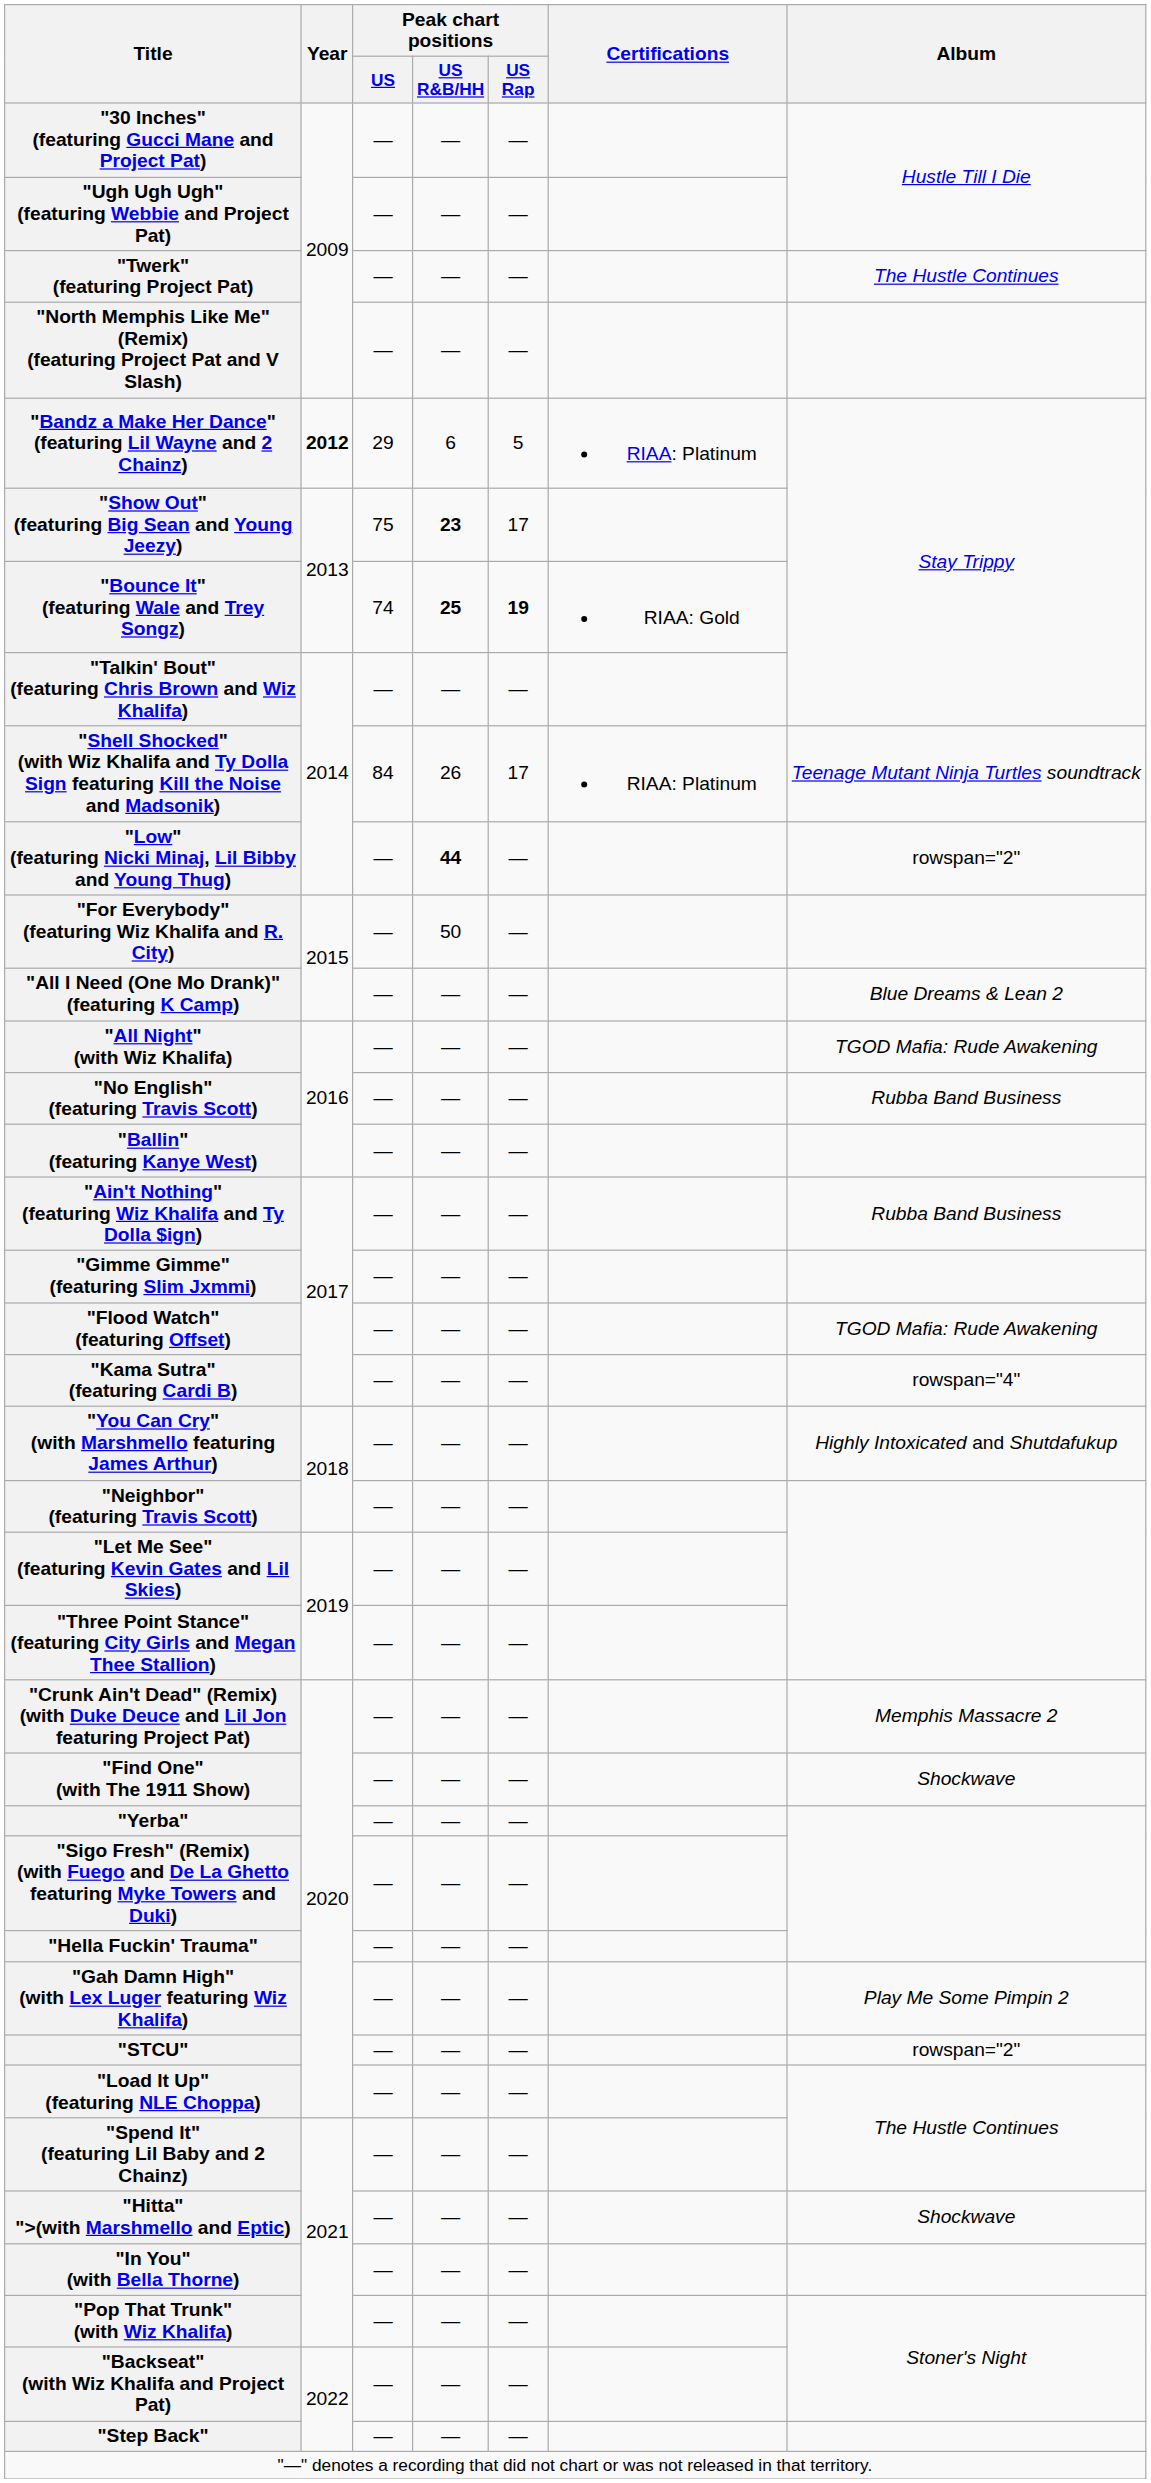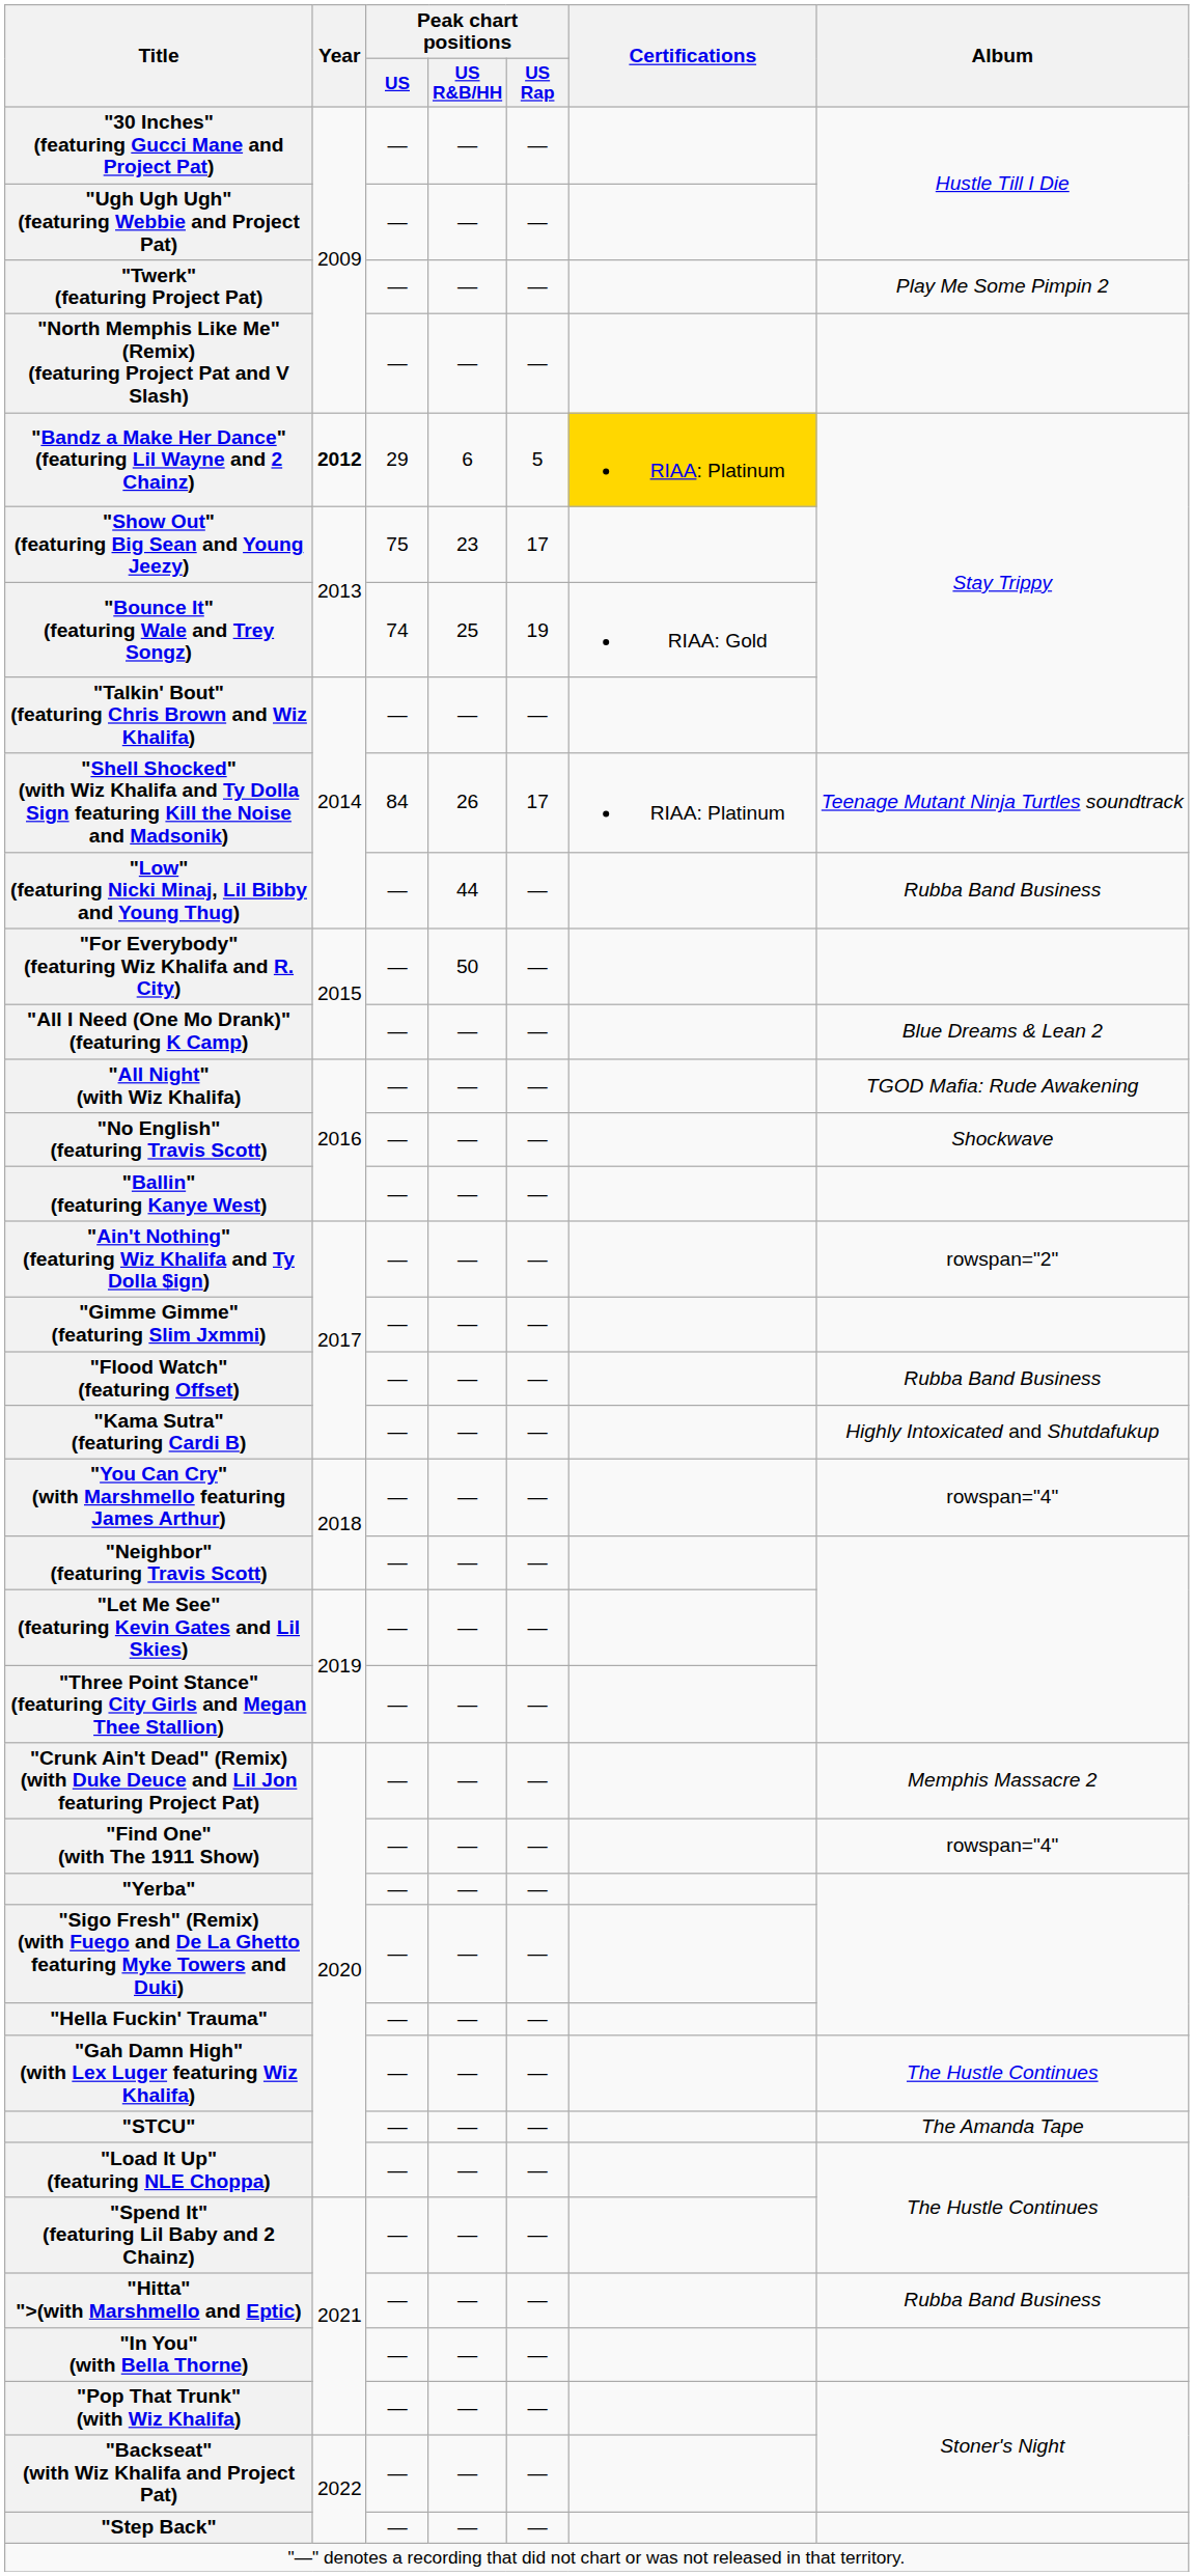 <table class="wikitable plainrowheaders" style="text-align:center;">
 <tr>
 <th scope="col" rowspan="2" style="width:15em;">Title</th>
 <th scope="col" rowspan="2">Year</th>
 <th scope="col" colspan="3">Peak chart positions</th>
 <th scope="col" rowspan="2" style="width:12em;"><a href='#'>Certifications</a></th>
 <th scope="col" rowspan="2">Album</th>
 </tr>
 <tr>
 <th scope="col" style="width:3em;font-size:90%;"><a href='#'>US</a><br></th>
 <th scope="col" style="width:3em;font-size:90%;"><a href='#'>US R&B/HH</a><br></th>
 <th scope="col" style="width:3em;font-size:90%;"><a href='#'>US Rap</a><br></th>
 </tr>
 <tr>
 <th scope="row">"30 Inches"<br><span>(featuring <a href='#'>Gucci Mane</a> and <a href='#'>Project Pat</a>)</span></th>
 <td rowspan="4">2009</td>
 <td>—</td>
 <td>—</td>
 <td>—</td>
 <td></td>
 <td rowspan="2"><em><a href='#'>Hustle Till I Die</a></em></td>
 </tr>
 <tr>
 <th scope="row">"Ugh Ugh Ugh"<br><span>(featuring <a href='#'>Webbie</a> and Project Pat)</span></th>
 <td>—</td>
 <td>—</td>
 <td>—</td>
 <td></td>
 </tr>
 <tr>
 <th scope="row">"Twerk"<br><span>(featuring Project Pat)</span></th>
 <td>—</td>
 <td>—</td>
 <td>—</td>
 <td></td>
-<td><em><a href='#'>The Hustle Continues</a></em></td>
+<td><em>Play Me Some Pimpin 2</em></td>
 </tr>
 <tr>
 <th scope="row">"North Memphis Like Me" (Remix)<br><span>(featuring Project Pat and V Slash)</span></th>
 <td>—</td>
 <td>—</td>
 <td>—</td>
 <td></td>
 <td></td>
 </tr>
 <tr>
 <th scope="row">"<a href='#'>Bandz a Make Her Dance</a>"<br><span>(featuring <a href='#'>Lil Wayne</a> and <a href='#'>2 Chainz</a>)</span></th>
 <td><strong>2012</strong></td>
 <td>29</td>
 <td>6</td>
 <td>5</td>
-<td><br><ul><li><a href='#'>RIAA</a>: Platinum</li></ul></td>
+<td style="background: gold;"><br><ul><li><a href='#'>RIAA</a>: Platinum</li></ul></td>
 <td rowspan="4"><em><a href='#'>Stay Trippy</a></em></td>
 </tr>
 <tr>
 <th scope="row">"<a href='#'>Show Out</a>"<br><span>(featuring <a href='#'>Big Sean</a> and <a href='#'>Young Jeezy</a>)</span></th>
 <td rowspan="2">2013</td>
 <td>75</td>
-<td><strong>23</strong></td>
+<td>23</td>
 <td>17</td>
 <td></td>
 </tr>
 <tr>
 <th scope="row">"<a href='#'>Bounce It</a>"<br><span>(featuring <a href='#'>Wale</a> and <a href='#'>Trey Songz</a>)</span></th>
 <td>74</td>
-<td><strong>25</strong></td>
-<td><strong>19</strong></td>
+<td>25</td>
+<td>19</td>
 <td><br><ul><li>RIAA: Gold</li></ul></td>
 </tr>
 <tr>
 <th scope="row">"Talkin' Bout"<br><span>(featuring <a href='#'>Chris Brown</a> and <a href='#'>Wiz Khalifa</a>)</span></th>
 <td rowspan="3">2014</td>
 <td>—</td>
 <td>—</td>
 <td>—</td>
 <td></td>
 </tr>
 <tr>
 <th scope="row">"<a href='#'>Shell Shocked</a>"<br><span>(with Wiz Khalifa and <a href='#'>Ty Dolla Sign</a> featuring <a href='#'>Kill the Noise</a> and <a href='#'>Madsonik</a>)</span></th>
 <td>84</td>
 <td>26</td>
 <td>17</td>
 <td><br><ul><li>RIAA: Platinum</li></ul></td>
 <td><em><a href='#'>Teenage Mutant Ninja Turtles</a> soundtrack</em></td>
 </tr>
 <tr>
 <th scope="row">"<a href='#'>Low</a>"<br><span>(featuring <a href='#'>Nicki Minaj</a>, <a href='#'>Lil Bibby</a> and <a href='#'>Young Thug</a>)</span></th>
 <td>—</td>
-<td><strong>44</strong></td>
+<td>44</td>
 <td>—</td>
 <td></td>
-<td>rowspan="2" </td>
+<td><em>Rubba Band Business</em></td>
 </tr>
 <tr>
 <th scope="row">"For Everybody"<br><span>(featuring Wiz Khalifa and <a href='#'>R. City</a>)</span></th>
 <td rowspan="2">2015</td>
 <td>—</td>
 <td>50</td>
 <td>—</td>
 <td></td>
 </tr>
 <tr>
 <th scope="row">"All I Need (One Mo Drank)"<br><span>(featuring <a href='#'>K Camp</a>)</span></th>
 <td>—</td>
 <td>—</td>
 <td>—</td>
 <td></td>
 <td><em>Blue Dreams & Lean 2</em></td>
 </tr>
 <tr>
 <th scope="row">"<a href='#'>All Night</a>"<br><span>(with Wiz Khalifa)</span></th>
 <td rowspan="3">2016</td>
 <td>—</td>
 <td>—</td>
 <td>—</td>
 <td></td>
 <td><em>TGOD Mafia: Rude Awakening</em></td>
 </tr>
 <tr>
 <th scope="row">"No English"<br><span>(featuring <a href='#'>Travis Scott</a>)</span></th>
 <td>—</td>
 <td>—</td>
 <td>—</td>
 <td></td>
-<td><em>Rubba Band Business</em></td>
+<td><em>Shockwave</em></td>
 </tr>
 <tr>
 <th scope="row">"<a href='#'>Ballin</a>"<br><span>(featuring <a href='#'>Kanye West</a>)</span></th>
 <td>—</td>
 <td>—</td>
 <td>—</td>
 <td></td>
 <td></td>
 </tr>
 <tr>
 <th scope="row">"<a href='#'>Ain't Nothing</a>"<br><span>(featuring <a href='#'>Wiz Khalifa</a> and <a href='#'>Ty Dolla $ign</a>)</span></th>
 <td rowspan="4">2017</td>
 <td>—</td>
 <td>—</td>
 <td>—</td>
 <td></td>
-<td><em>Rubba Band Business</em></td>
+<td>rowspan="2" </td>
 </tr>
 <tr>
 <th scope="row">"Gimme Gimme"<br><span>(featuring <a href='#'>Slim Jxmmi</a>)</span></th>
 <td>—</td>
 <td>—</td>
 <td>—</td>
 <td></td>
 <td></td>
 </tr>
 <tr>
 <th scope="row">"Flood Watch"<br><span>(featuring <a href='#'>Offset</a>)</span></th>
 <td>—</td>
 <td>—</td>
 <td>—</td>
 <td></td>
-<td><em>TGOD Mafia: Rude Awakening</em></td>
+<td><em>Rubba Band Business</em></td>
 </tr>
 <tr>
 <th scope="row">"Kama Sutra"<br><span>(featuring <a href='#'>Cardi B</a>)</span></th>
 <td>—</td>
 <td>—</td>
 <td>—</td>
 <td></td>
-<td>rowspan="4" </td>
+<td><em>Highly Intoxicated</em> and <em>Shutdafukup</em></td>
 </tr>
 <tr>
 <th scope="row">"<a href='#'>You Can Cry</a>"<br><span>(with <a href='#'>Marshmello</a> featuring <a href='#'>James Arthur</a>)</span></th>
 <td rowspan="2">2018</td>
 <td>—</td>
 <td>—</td>
 <td>—</td>
 <td></td>
-<td><em>Highly Intoxicated</em> and <em>Shutdafukup</em></td>
+<td>rowspan="4" </td>
 </tr>
 <tr>
 <th scope="row">"Neighbor"<br><span>(featuring <a href='#'>Travis Scott</a>)</span></th>
 <td>—</td>
 <td>—</td>
 <td>—</td>
 <td></td>
 </tr>
 <tr>
 <th scope="row">"Let Me See"<br><span>(featuring <a href='#'>Kevin Gates</a> and <a href='#'>Lil Skies</a>)</span></th>
 <td rowspan="2">2019</td>
 <td>—</td>
 <td>—</td>
 <td>—</td>
 <td></td>
 </tr>
 <tr>
 <th scope="row">"Three Point Stance"<br><span>(featuring <a href='#'>City Girls</a> and <a href='#'>Megan Thee Stallion</a>)</span></th>
 <td>—</td>
 <td>—</td>
 <td>—</td>
 <td></td>
 </tr>
 <tr>
 <th scope="row">"Crunk Ain't Dead" (Remix)<br><span>(with <a href='#'>Duke Deuce</a> and <a href='#'>Lil Jon</a> featuring Project Pat)</span></th>
 <td rowspan="8">2020</td>
 <td>—</td>
 <td>—</td>
 <td>—</td>
 <td></td>
 <td><em>Memphis Massacre 2</em></td>
 </tr>
 <tr>
 <th scope="row">"Find One"<br><span>(with The 1911 Show)</span></th>
 <td>—</td>
 <td>—</td>
 <td>—</td>
 <td></td>
-<td><em>Shockwave</em></td>
+<td>rowspan="4" </td>
 </tr>
 <tr>
 <th scope="row">"Yerba"<br></th>
 <td>—</td>
 <td>—</td>
 <td>—</td>
 <td></td>
 </tr>
 <tr>
 <th scope="row">"Sigo Fresh" (Remix)<br><span>(with <a href='#'>Fuego</a> and <a href='#'>De La Ghetto</a> featuring <a href='#'>Myke Towers</a> and <a href='#'>Duki</a>)</span></th>
 <td>—</td>
 <td>—</td>
 <td>—</td>
 <td></td>
 </tr>
 <tr>
 <th scope="row">"Hella Fuckin' Trauma"</th>
 <td>—</td>
 <td>—</td>
 <td>—</td>
 <td></td>
 </tr>
 <tr>
 <th scope="row">"Gah Damn High"<br><span>(with <a href='#'>Lex Luger</a> featuring <a href='#'>Wiz Khalifa</a>)</span></th>
 <td>—</td>
 <td>—</td>
 <td>—</td>
 <td></td>
-<td><em>Play Me Some Pimpin 2</em></td>
+<td><em><a href='#'>The Hustle Continues</a></em></td>
 </tr>
 <tr>
 <th scope="row">"STCU"<br></th>
 <td>—</td>
 <td>—</td>
 <td>—</td>
 <td></td>
-<td>rowspan="2" </td>
+<td><em>The Amanda Tape</em></td>
 </tr>
 <tr>
 <th scope="row">"Load It Up"<br><span>(featuring <a href='#'>NLE Choppa</a>)</span></th>
 <td>—</td>
 <td>—</td>
 <td>—</td>
 <td></td>
 <td rowspan="2"><em>The Hustle Continues</em></td>
 </tr>
 <tr>
 <th scope="row">"Spend It"<br><span>(featuring Lil Baby and 2 Chainz)</span></th>
 <td rowspan="4">2021</td>
 <td>—</td>
 <td>—</td>
 <td>—</td>
 <td></td>
 </tr>
 <tr>
 <th scope="row">"Hitta"<br><span>">(with <a href='#'>Marshmello</a> and <a href='#'>Eptic</a>)</span></th>
 <td>—</td>
 <td>—</td>
 <td>—</td>
 <td></td>
-<td><em>Shockwave</em></td>
+<td><em>Rubba Band Business</em></td>
 </tr>
 <tr>
 <th scope="row">"In You"<br><span>(with <a href='#'>Bella Thorne</a>)</span></th>
 <td>—</td>
 <td>—</td>
 <td>—</td>
 <td></td>
 <td></td>
 </tr>
 <tr>
 <th scope="row">"Pop That Trunk"<br><span>(with <a href='#'>Wiz Khalifa</a>)</span></th>
 <td>—</td>
 <td>—</td>
 <td>—</td>
 <td></td>
 <td rowspan="2"><em>Stoner's Night</em></td>
 </tr>
 <tr>
 <th scope="row">"Backseat"<br><span>(with Wiz Khalifa and Project Pat)</span></th>
 <td rowspan="2">2022</td>
 <td>—</td>
 <td>—</td>
 <td>—</td>
 <td></td>
 </tr>
 <tr>
 <th scope="row">"Step Back"<br></th>
 <td>—</td>
 <td>—</td>
 <td>—</td>
 <td></td>
 <td></td>
 </tr>
 <tr>
 <td colspan="14" style="font-size:90%">"—" denotes a recording that did not chart or was not released in that territory.</td>
 </tr>
 </table>
